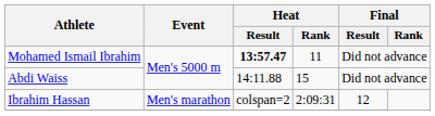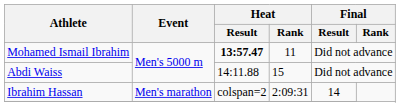 <table class="wikitable" style="font-size:90%">
 <tr>
 <th rowspan="2">Athlete</th>
 <th rowspan="2">Event</th>
 <th colspan="2">Heat</th>
 <th colspan="2">Final</th>
 </tr>
 <tr style="font-size:95%">
 <th>Result</th>
 <th>Rank</th>
 <th>Result</th>
 <th>Rank</th>
 </tr>
 <tr align=center>
 <td align=left><a href='#'>Mohamed Ismail Ibrahim</a></td>
 <td align=left rowspan=2><a href='#'>Men's 5000 m</a></td>
 <td><strong>13:57.47</strong></td>
 <td>11</td>
 <td colspan=2>Did not advance</td>
 </tr>
 <tr>
 <td align=left><a href='#'>Abdi Waiss</a></td>
 <td>14:11.88</td>
 <td>15</td>
 <td colspan=2>Did not advance</td>
 </tr>
 <tr align=center>
 <td align=left><a href='#'>Ibrahim Hassan</a></td>
 <td align=left><a href='#'>Men's marathon</a></td>
 <td>colspan=2 </td>
 <td>2:09:31 <strong></strong></td>
-<td>12</td>
+<td>14</td>
 </tr>
 <tr>
 </tr>
 </table>
